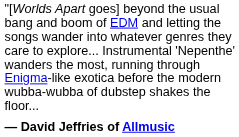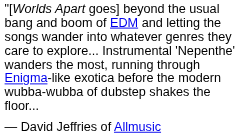 <table class="toccolours" style="float: left; margin-left: 0em; margin-right: 2em; font-size: 85%; background:offwhite; color:black; width:20em; max-width: 40%;" cellspacing="5">
 <tr>
 <td style="text-align: left;">"[<em>Worlds Apart</em> goes] beyond the usual bang and boom of <a href='#'>EDM</a> and letting the songs wander into whatever genres they care to explore... Instrumental 'Nepenthe' wanders the most, running through <a href='#'>Enigma</a>-like exotica before the modern wubba-wubba of dubstep shakes the floor...</td>
 </tr>
 <tr>
-<td style="text-align: left;"><strong>— David Jeffries of <a href='#'>Allmusic</a></strong></td>
+<td style="text-align: left;">— David Jeffries of <a href='#'>Allmusic</a></td>
 </tr>
 </table>
